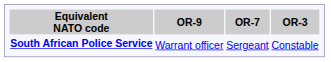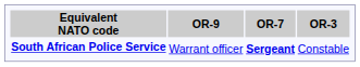 <table style="border:1px solid #8888aa; background-color:#f7f8ff; padding:5px; font-size:95%; margin: 0px 12px 12px 0px;">
 <tr style="background-color:#CCCCCC;">
 <th>Equivalent<br>NATO code</th>
 <th><strong>OR-9</strong></th>
 <th><strong>OR-7</strong></th>
 <th><strong>OR-3</strong></th>
 </tr>
 <tr style="text-align:center;">
 <td rowspan=2> <strong><a href='#'>South African Police Service</a></strong></td>
 <td></td>
 <td></td>
 <td></td>
 </tr>
 <tr style="text-align:center;">
 <td><a href='#'>Warrant officer</a></td>
-<td><a href='#'>Sergeant</a></td>
+<td><strong><a href='#'>Sergeant</a></strong></td>
 <td><a href='#'>Constable</a></td>
 </tr>
 </table>
